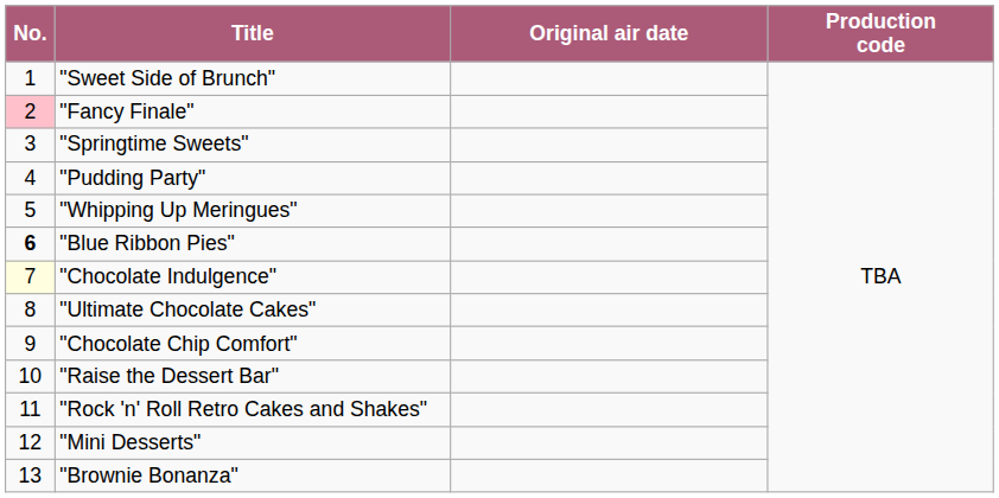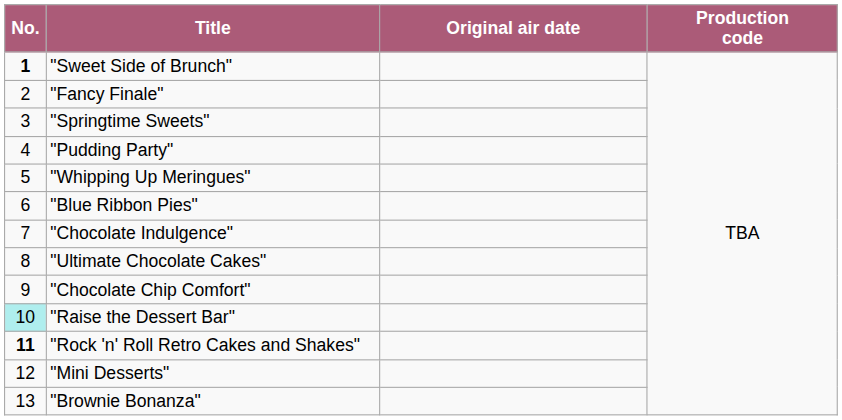 <table class="wikitable plainrowheaders" style="width:60%;">
 <tr>
 <th style="background-color: #ab5b78; color: #FFFFFF;" width=5%>No.</th>
 <th style="background-color: #ab5b78; color: #FFFFFF;" width=40%>Title</th>
 <th style="background-color: #ab5b78; color: #FFFFFF;">Original air date</th>
 <th style="background-color: #ab5b78; color: #FFFFFF;">Production<br>code</th>
 </tr>
 <tr>
-<td align=center>1</td>
+<td align=center><strong>1</strong></td>
 <td>"Sweet Side of Brunch"</td>
 <td align=center></td>
 <td align=center rowspan=13>TBA</td>
 </tr>
 <tr>
-<td align=center style="background: pink;">2</td>
+<td align=center>2</td>
 <td>"Fancy Finale"</td>
 <td align=center></td>
 </tr>
 <tr>
 <td align=center>3</td>
 <td>"Springtime Sweets"</td>
 <td align=center></td>
 </tr>
 <tr>
 <td align=center>4</td>
 <td>"Pudding Party"</td>
 <td align=center></td>
 </tr>
 <tr>
 <td align=center>5</td>
 <td>"Whipping Up Meringues"</td>
 <td align=center></td>
 </tr>
 <tr>
-<td align=center><strong>6</strong></td>
+<td align=center>6</td>
 <td>"Blue Ribbon Pies"</td>
 <td align=center></td>
 </tr>
 <tr>
-<td align=center style="background: lightyellow;">7</td>
+<td align=center>7</td>
 <td>"Chocolate Indulgence"</td>
 <td align=center></td>
 </tr>
 <tr>
 <td align=center>8</td>
 <td>"Ultimate Chocolate Cakes"</td>
 <td align=center></td>
 </tr>
 <tr>
 <td align=center>9</td>
 <td>"Chocolate Chip Comfort"</td>
 <td align=center></td>
 </tr>
 <tr>
-<td align=center>10</td>
+<td align=center style="background: paleturquoise;">10</td>
 <td>"Raise the Dessert Bar"</td>
 <td align=center></td>
 </tr>
 <tr>
-<td align=center>11</td>
+<td align=center><strong>11</strong></td>
 <td>"Rock 'n' Roll Retro Cakes and Shakes"</td>
 <td align=center></td>
 </tr>
 <tr>
 <td align=center>12</td>
 <td>"Mini Desserts"</td>
 <td align=center></td>
 </tr>
 <tr>
 <td align=center>13</td>
 <td>"Brownie Bonanza"</td>
 <td align=center></td>
 </tr>
 </table>
